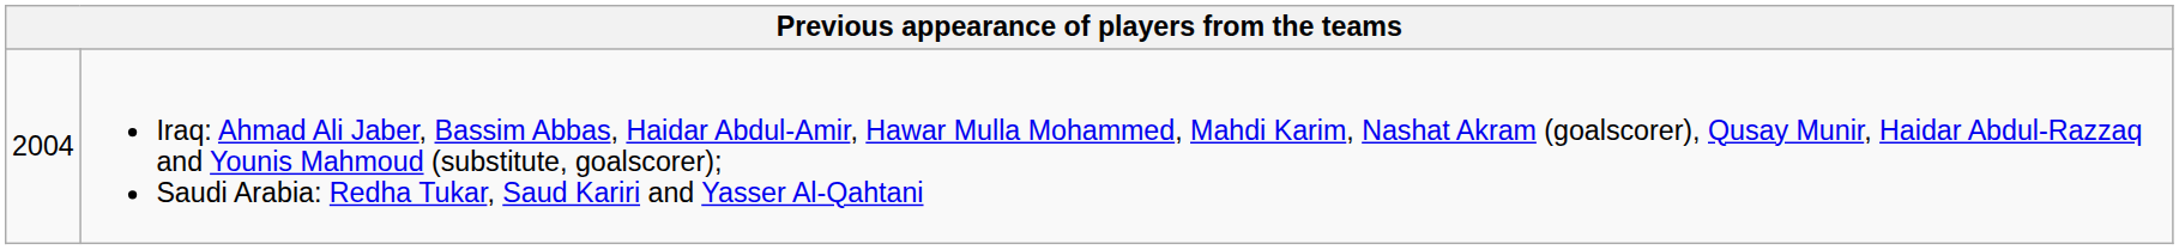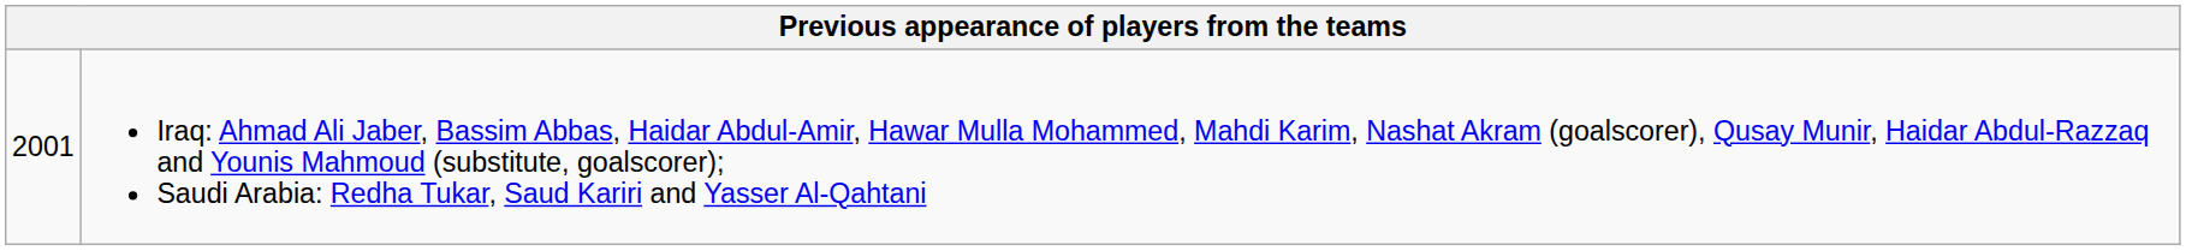 <table class="wikitable">
 <tr>
 <th colspan="2">Previous appearance of players from the teams</th>
 </tr>
 <tr>
-<td>2004</td>
+<td>2001</td>
 <td><br><ul><li>Iraq: <a href='#'>Ahmad Ali Jaber</a>, <a href='#'>Bassim Abbas</a>, <a href='#'>Haidar Abdul-Amir</a>, <a href='#'>Hawar Mulla Mohammed</a>, <a href='#'>Mahdi Karim</a>, <a href='#'>Nashat Akram</a> (goalscorer), <a href='#'>Qusay Munir</a>, <a href='#'>Haidar Abdul-Razzaq</a> and <a href='#'>Younis Mahmoud</a> (substitute, goalscorer);</li><li>Saudi Arabia: <a href='#'>Redha Tukar</a>, <a href='#'>Saud Kariri</a> and <a href='#'>Yasser Al-Qahtani</a></li></ul></td>
 </tr>
 </table>
